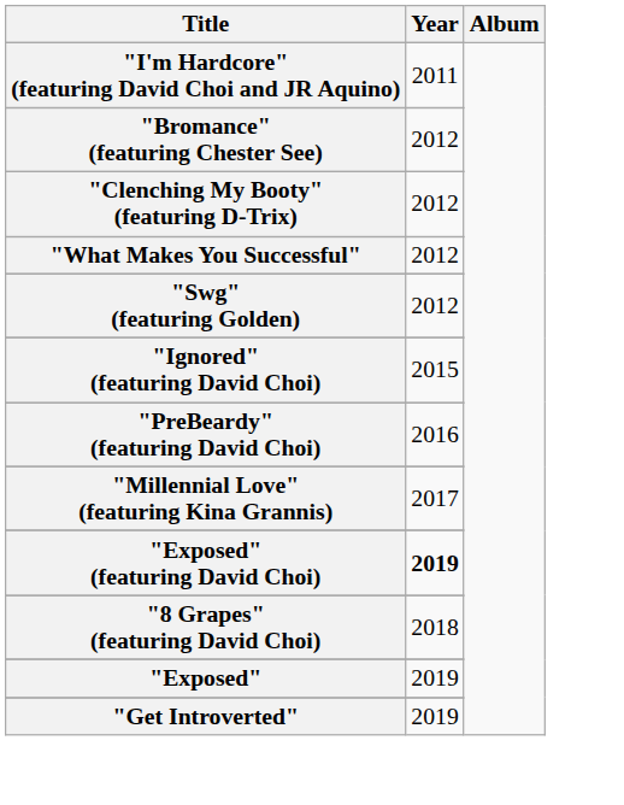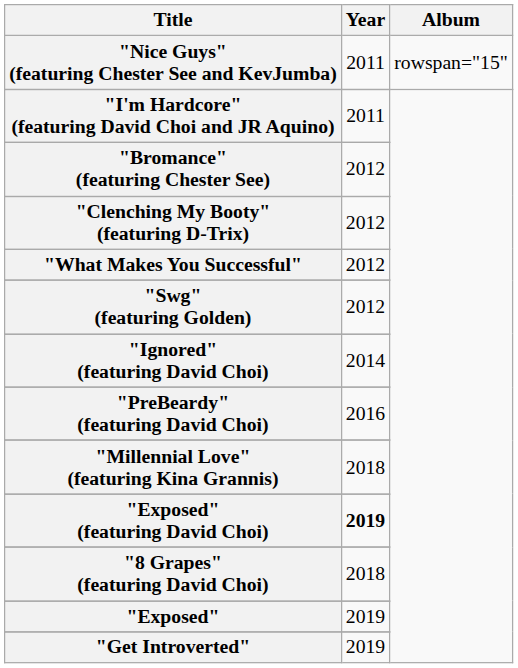 <table class="wikitable plainrowheaders" style="text-align:center;">
 <tr>
 <th scope="col">Title</th>
 <th scope="col">Year</th>
 <th scope="col">Album</th>
+</tr>
+<tr>
+<th scope="row">"Nice Guys"<br><span>(featuring Chester See and KevJumba)</span></th>
+<td>2011</td>
+<td>rowspan="15" </td>
 </tr>
 <tr>
 </tr>
 <tr>
 <th scope="row">"I'm Hardcore"<br><span>(featuring David Choi and JR Aquino)</span></th>
 <td>2011</td>
 </tr>
 <tr>
 </tr>
 <tr>
 <th scope="row">"Bromance"<br><span>(featuring Chester See)</span></th>
 <td>2012</td>
 </tr>
 <tr>
 </tr>
 <tr>
 <th scope="row">"Clenching My Booty"<br><span>(featuring D-Trix)</span></th>
 <td>2012</td>
 </tr>
 <tr>
 </tr>
 <tr>
 <th scope="row">"What Makes You Successful"</th>
 <td>2012</td>
 </tr>
 <tr>
 </tr>
 <tr>
 <th scope="row">"Swg"<br><span>(featuring Golden)</span></th>
 <td>2012</td>
 </tr>
 <tr>
 </tr>
 <tr>
 <th scope="row">"Ignored"<br><span>(featuring David Choi)</span></th>
-<td>2015</td>
+<td>2014</td>
 </tr>
 <tr>
 </tr>
 <tr>
 <th scope="row">"PreBeardy"<br><span>(featuring David Choi)</span></th>
 <td>2016</td>
 </tr>
 <tr>
 </tr>
 <tr>
 <th scope="row">"Millennial Love"<br><span>(featuring Kina Grannis)</span></th>
-<td>2017</td>
+<td>2018</td>
 </tr>
 <tr>
 </tr>
 <tr>
 <th scope="row">"Exposed"<br><span>(featuring David Choi)</span></th>
 <td><strong>2019</strong></td>
 </tr>
 <tr>
 </tr>
 <tr>
 <th scope="row">"8 Grapes"<br><span>(featuring David Choi)</span></th>
 <td>2018</td>
 </tr>
 <tr>
 </tr>
 <tr>
 <th scope="row">"Exposed"</th>
 <td>2019</td>
 </tr>
 <tr>
 </tr>
 <tr>
 <th scope="row">"Get Introverted"</th>
 <td>2019</td>
 </tr>
 </table>
